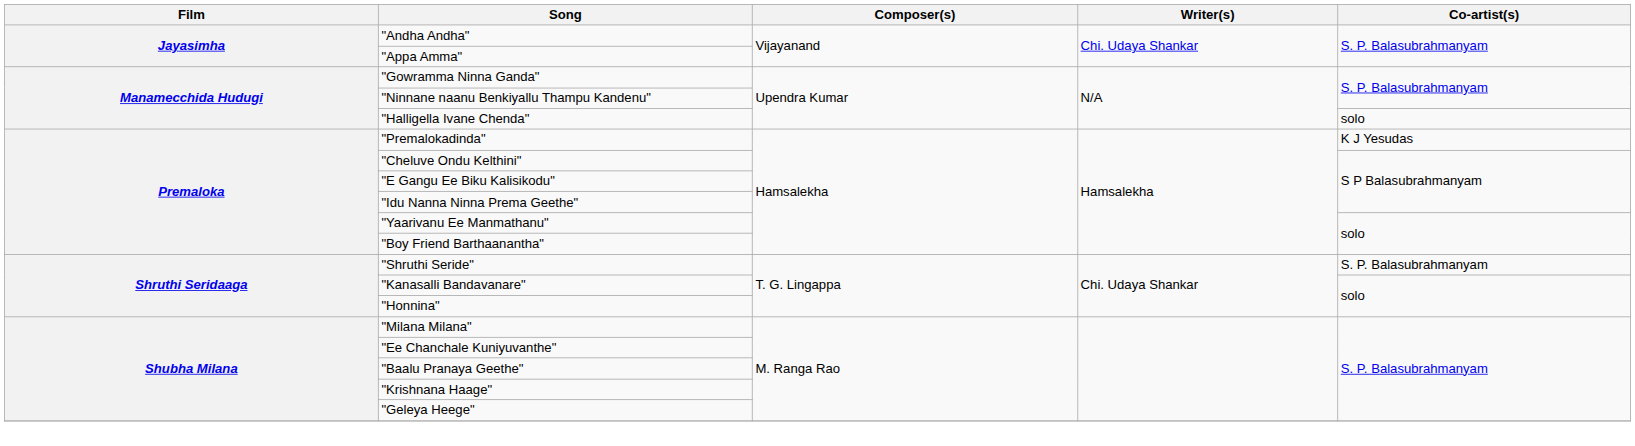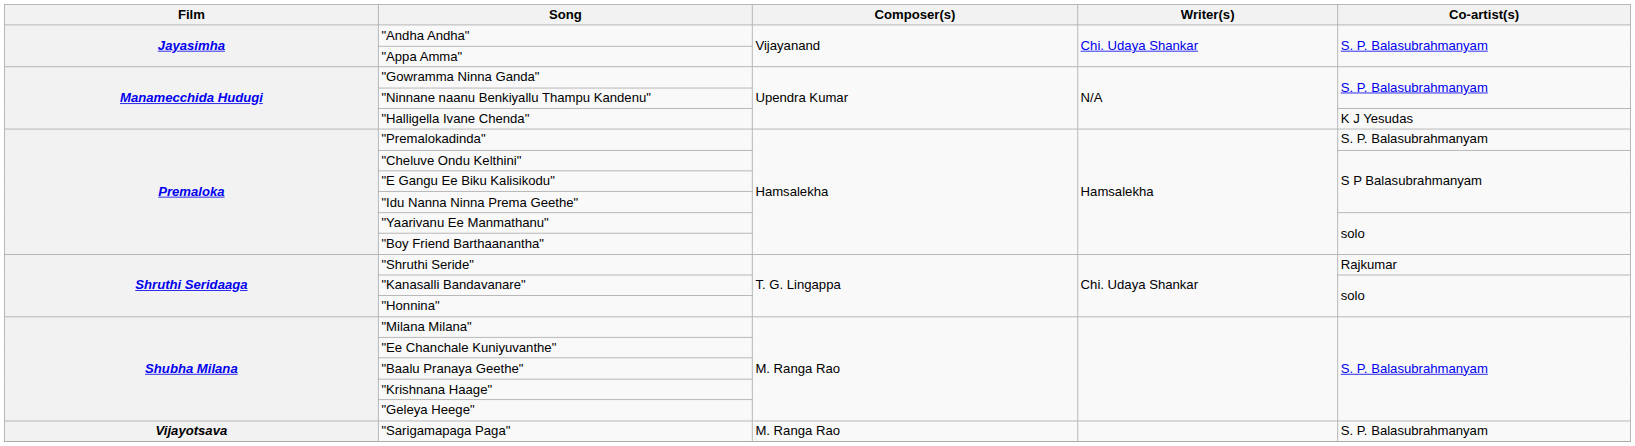 <table class="wikitable plainrowheaders" width="100%" textcolor:#000;">
 <tr style="background:#b0e0e66;">
 <th scope="col" width=23%><strong>Film</strong></th>
 <th scope="col" width=23%><strong>Song</strong></th>
 <th scope="col" width=20%><strong>Composer(s)</strong></th>
 <th scope="col" width=16%><strong>Writer(s)</strong></th>
 <th scope="col" width=18%><strong>Co-artist(s)</strong></th>
 </tr>
 <tr>
 <th Rowspan=2><em><a href='#'>Jayasimha</a></em></th>
 <td>"Andha Andha"</td>
 <td rowspan=2>Vijayanand</td>
 <td rowspan=2><a href='#'>Chi. Udaya Shankar</a></td>
 <td rowspan=2><a href='#'>S. P. Balasubrahmanyam</a></td>
 </tr>
 <tr>
 <td>"Appa Amma"</td>
 </tr>
 <tr>
 <th Rowspan=3><em><a href='#'>Manamecchida Hudugi</a></em></th>
 <td>"Gowramma Ninna Ganda"</td>
 <td rowspan=3>Upendra Kumar</td>
 <td rowspan=3>N/A</td>
 <td Rowspan=2><a href='#'>S. P. Balasubrahmanyam</a></td>
 </tr>
 <tr>
 <td>"Ninnane naanu Benkiyallu Thampu Kandenu"</td>
 </tr>
 <tr>
 <td>"Halligella Ivane Chenda"</td>
-<td>solo</td>
+<td>K J Yesudas</td>
 </tr>
 <tr>
 <th rowspan="6"><em><a href='#'>Premaloka</a></em></th>
 <td>"Premalokadinda"</td>
 <td rowspan=6>Hamsalekha</td>
 <td rowspan=6>Hamsalekha</td>
-<td>K J Yesudas</td>
+<td>S. P. Balasubrahmanyam</td>
 </tr>
 <tr>
 <td>"Cheluve Ondu Kelthini"</td>
 <td rowspan=3>S P Balasubrahmanyam</td>
 </tr>
 <tr>
 <td>"E Gangu Ee Biku Kalisikodu"</td>
 </tr>
 <tr>
 <td>"Idu Nanna Ninna Prema Geethe"</td>
 </tr>
 <tr>
 <td>"Yaarivanu Ee Manmathanu"</td>
 <td rowspan=2>solo</td>
 </tr>
 <tr>
 <td>"Boy Friend Barthaanantha"</td>
 </tr>
 <tr>
 <th Rowspan=3><em><a href='#'>Shruthi Seridaaga</a></em></th>
 <td>"Shruthi Seride"</td>
 <td rowspan=3>T. G. Lingappa</td>
 <td Rowspan=3>Chi. Udaya Shankar</td>
-<td>S. P. Balasubrahmanyam</td>
+<td>Rajkumar</td>
 </tr>
 <tr>
 <td>"Kanasalli Bandavanare"</td>
 <td rowspan=2>solo</td>
 </tr>
 <tr>
 <td>"Honnina"</td>
 </tr>
 <tr>
 <th Rowspan=5><em><a href='#'>Shubha Milana</a></em></th>
 <td>"Milana Milana"</td>
 <td rowspan=5>M. Ranga Rao</td>
 <td Rowspan=5></td>
 <td rowspan=5><a href='#'>S. P. Balasubrahmanyam</a></td>
 </tr>
 <tr>
 <td>"Ee Chanchale Kuniyuvanthe"</td>
 </tr>
 <tr>
 <td>"Baalu Pranaya Geethe"</td>
 </tr>
 <tr>
 <td>"Krishnana Haage"</td>
 </tr>
 <tr>
 <td>"Geleya Heege"</td>
 </tr>
 <tr>
+<th><em>Vijayotsava</em></th>
+<td>"Sarigamapaga Paga"</td>
+<td>M. Ranga Rao</td>
+<td></td>
+<td>S. P. Balasubrahmanyam</td>
+</tr>
+<tr>
 </tr>
 </table>
